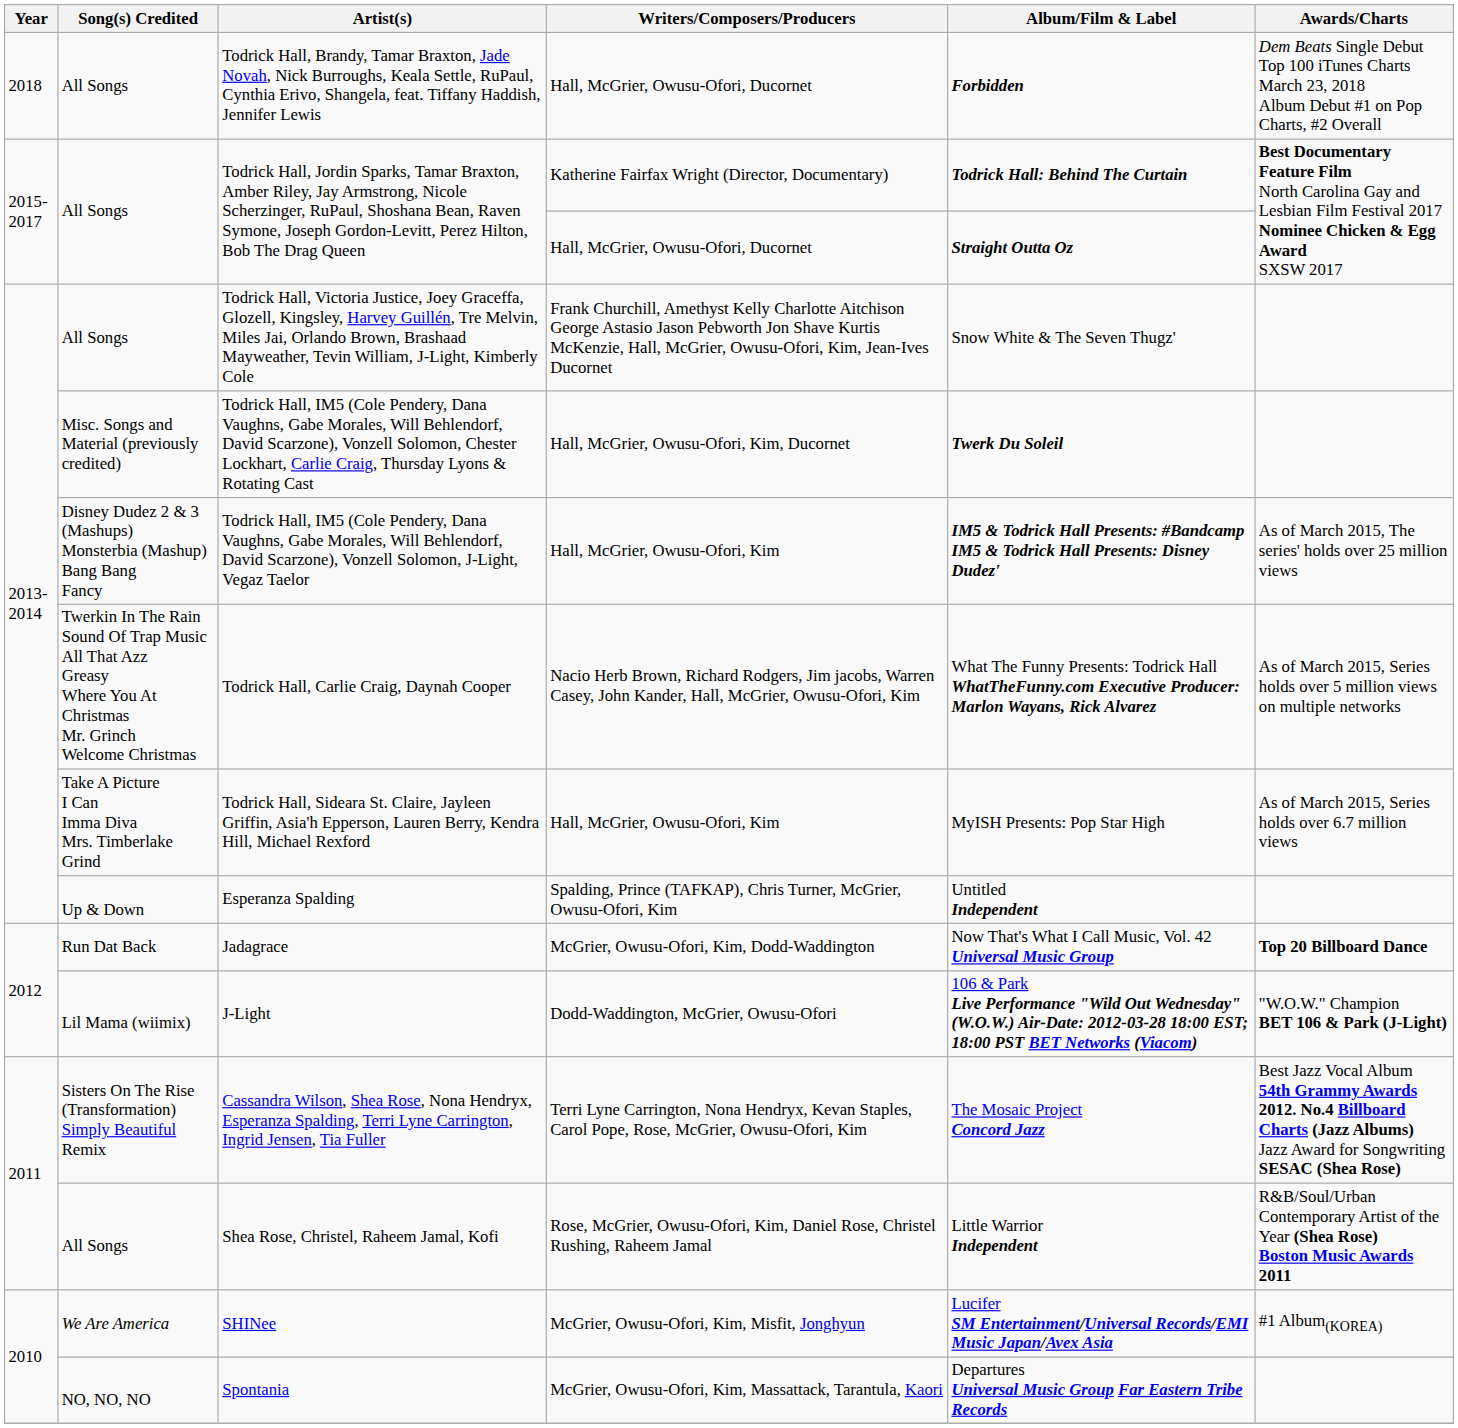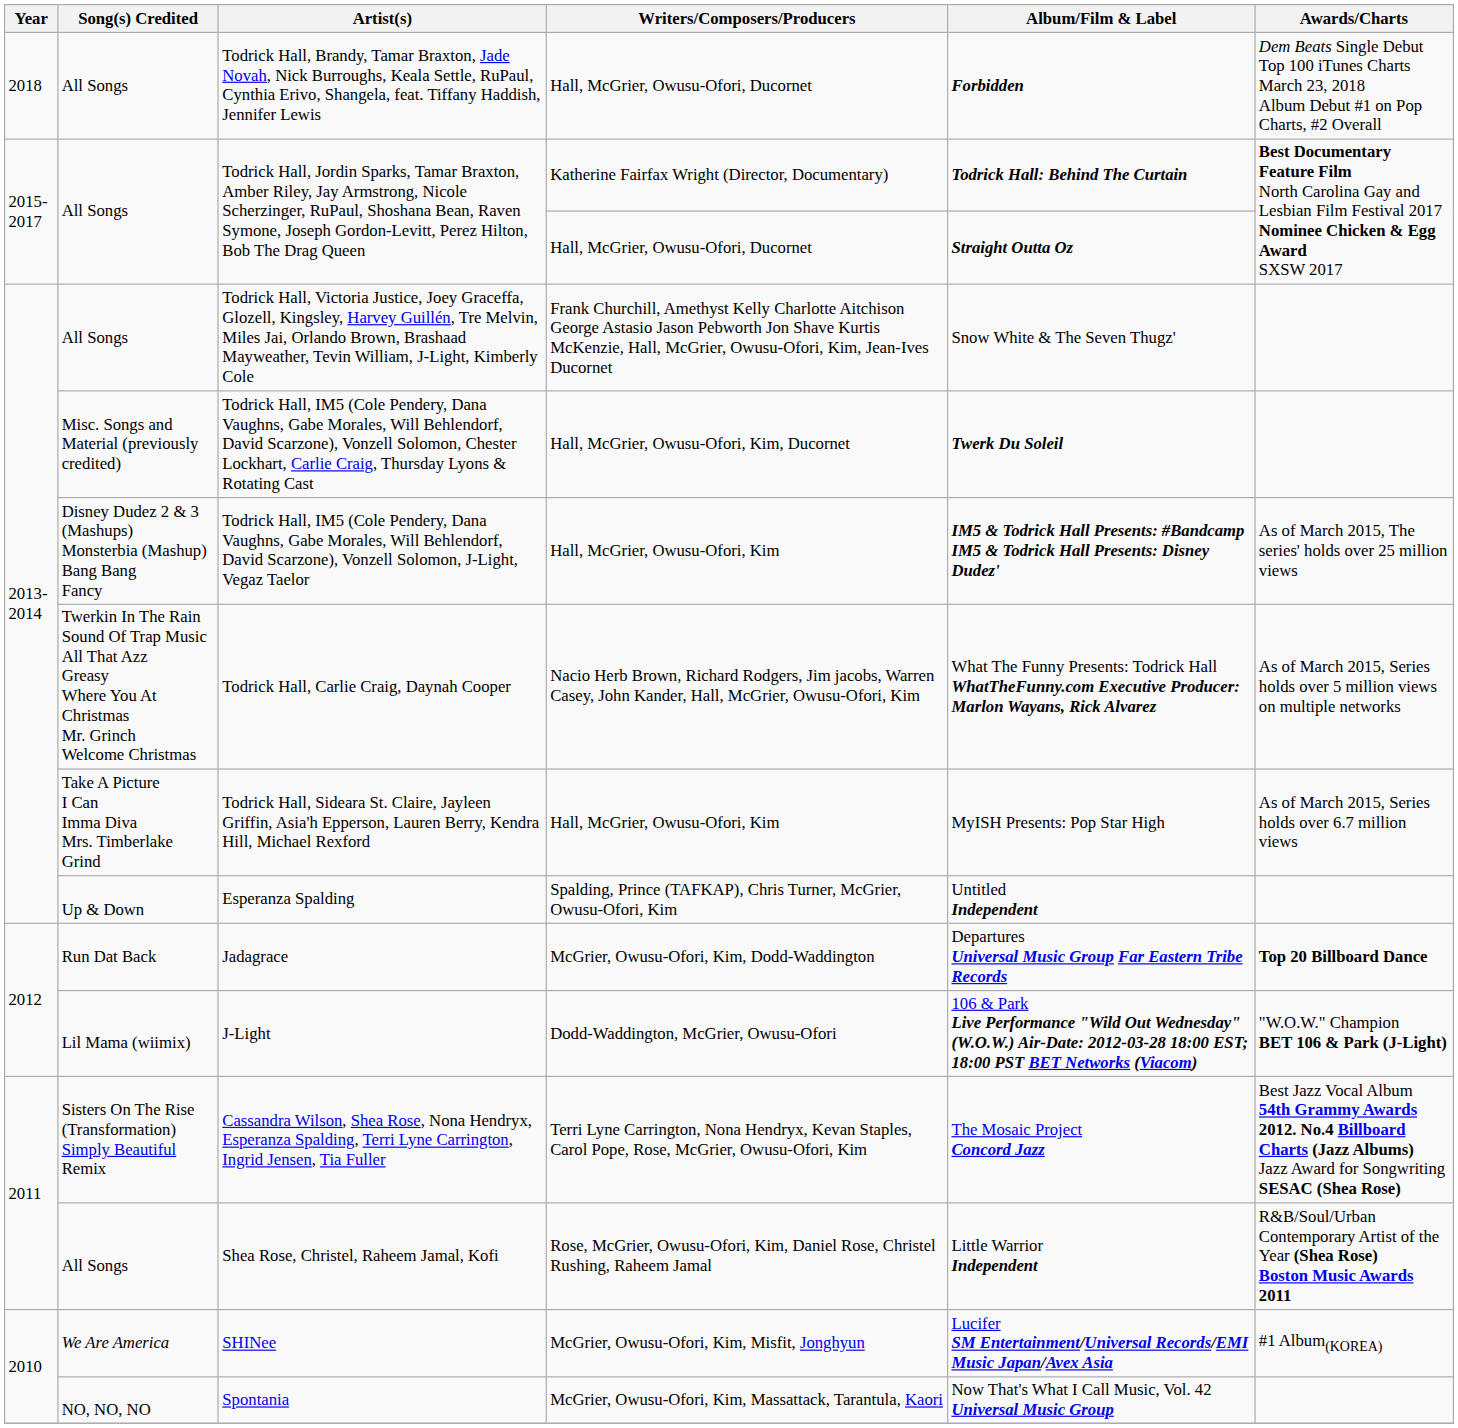 <table class="wikitable" style="font-size:90%;">
 <tr>
 <th>Year</th>
 <th>Song(s) Credited</th>
 <th>Artist(s)</th>
 <th>Writers/Composers/Producers</th>
 <th>Album/Film & Label</th>
 <th>Awards/Charts</th>
 </tr>
 <tr>
 <td>2018</td>
 <td>All Songs</td>
 <td>Todrick Hall, Brandy, Tamar Braxton, <a href='#'>Jade Novah</a>, Nick Burroughs, Keala Settle, RuPaul, Cynthia Erivo, Shangela, feat. Tiffany Haddish, Jennifer Lewis</td>
 <td>Hall, McGrier, Owusu-Ofori, Ducornet</td>
 <td><strong><em>Forbidden</em></strong></td>
 <td><em>Dem Beats</em> Single Debut Top 100 iTunes Charts March 23, 2018<br>Album Debut #1 on Pop Charts, #2 Overall</td>
 </tr>
 <tr>
 <td rowspan="2">2015-2017</td>
 <td rowspan="2">All  Songs</td>
 <td rowspan="2">Todrick Hall, Jordin Sparks, Tamar Braxton, Amber Riley, Jay Armstrong, Nicole Scherzinger, RuPaul, Shoshana Bean, Raven Symone, Joseph Gordon-Levitt, Perez Hilton, Bob The Drag Queen</td>
 <td>Katherine Fairfax Wright (Director, Documentary)</td>
 <td><strong><em>Todrick Hall: Behind The Curtain</em></strong></td>
 <td rowspan="2"><strong>Best Documentary Feature Film</strong><br>North Carolina Gay and Lesbian Film Festival 2017<br><strong>Nominee Chicken & Egg Award</strong><br>SXSW 2017</td>
 </tr>
 <tr>
 <td>Hall, McGrier, Owusu-Ofori, Ducornet</td>
 <td><strong><em>Straight Outta Oz<strong><em></td>
 </tr>
 <tr>
 <td rowspan="6">2013-2014</td>
 <td>All Songs</td>
 <td>Todrick Hall, Victoria Justice, Joey Graceffa, Glozell, Kingsley, <a href='#'>Harvey Guillén</a>, Tre Melvin, Miles Jai, Orlando Brown, Brashaad Mayweather, Tevin William, J-Light, Kimberly Cole</td>
 <td>Frank Churchill, Amethyst Kelly Charlotte Aitchison George Astasio Jason Pebworth Jon Shave Kurtis McKenzie, Hall, McGrier, Owusu-Ofori, Kim, Jean-Ives Ducornet</td>
 <td></em></strong>Snow White & The Seven Thugz'</strong></em></td>
 <td></td>
 </tr>
 <tr>
 <td>Misc. Songs and Material (previously credited)</td>
 <td>Todrick Hall, IM5 (Cole Pendery, Dana Vaughns, Gabe Morales, Will Behlendorf, David Scarzone), Vonzell Solomon, Chester Lockhart, <a href='#'>Carlie Craig</a>, Thursday Lyons & Rotating Cast</td>
 <td>Hall, McGrier, Owusu-Ofori, Kim, Ducornet</td>
 <td><strong><em>Twerk Du Soleil</em></strong><em></td>
 <td></td>
 </tr>
 <tr>
 <td>Disney Dudez 2 & 3 (Mashups)<br>Monsterbia (Mashup)<br>Bang Bang<br>Fancy</td>
 <td>Todrick Hall, IM5 (Cole Pendery, Dana Vaughns, Gabe Morales, Will Behlendorf, David Scarzone), Vonzell Solomon, J-Light, Vegaz Taelor</td>
 <td>Hall, McGrier, Owusu-Ofori, Kim</td>
 <td><strong><em>IM5 & Todrick Hall Presents: #Bandcamp</em></strong><br><strong><em>IM5 & Todrick Hall Presents: Disney Dudez'<strong></em></td>
 <td>As of March 2015, The series' holds over 25 million views</td>
 </tr>
 <tr>
 <td>Twerkin In The Rain<br>Sound Of Trap Music<br>All That Azz<br>Greasy<br>Where You At Christmas<br>Mr. Grinch<br>Welcome Christmas</td>
 <td>Todrick Hall, Carlie Craig,  Daynah Cooper</td>
 <td>Nacio Herb Brown, Richard Rodgers, Jim jacobs, Warren Casey, John Kander, Hall, McGrier, Owusu-Ofori, Kim</td>
 <td></em></strong>What The Funny Presents: Todrick Hall<strong><em><br>WhatTheFunny.com Executive Producer: Marlon Wayans, Rick Alvarez </td>
 <td>As of March 2015, Series holds over 5 million views on multiple networks</td>
 </tr>
 <tr>
 <td>Take A Picture<br>I Can<br>Imma Diva<br>Mrs. Timberlake<br>Grind</td>
 <td>Todrick Hall, Sideara St. Claire, Jayleen Griffin, Asia'h Epperson, Lauren Berry, Kendra Hill, Michael Rexford</td>
 <td>Hall, McGrier, Owusu-Ofori, Kim</td>
 <td></em></strong>MyISH Presents: Pop Star High<strong><em></td>
 <td>As of March 2015, Series holds over 6.7 million views</td>
 </tr>
 <tr>
 <td><br>Up & Down</td>
 <td>Esperanza Spalding</td>
 <td>Spalding, Prince (TAFKAP), Chris Turner, McGrier, Owusu-Ofori, Kim</td>
 <td></em></strong>Untitled<strong><em><br>Independent</td>
 <td></td>
 </tr>
 <tr>
 <td rowspan="2">2012</td>
 <td>Run Dat Back</td>
 <td>Jadagrace</td>
 <td>McGrier, Owusu-Ofori, Kim, Dodd-Waddington</td>
-<td></em></strong>Now That's What I Call Music, Vol. 42<strong><em><br><em><a href='#'>Universal Music Group</a></em></td>
+<td></em></strong>Departures<strong><em><br><a href='#'>Universal Music Group</a> <a href='#'>Far Eastern Tribe Records</a></td>
 <td><strong>Top 20 Billboard Dance</strong></td>
 </tr>
 <tr>
 <td><br>Lil Mama (wiimix)</td>
 <td>J-Light</td>
 <td>Dodd-Waddington, McGrier, Owusu-Ofori</td>
 <td></em></strong><a href='#'>106 & Park</a><strong><em><br>Live Performance "Wild Out Wednesday" (W.O.W.) Air-Date: 2012-03-28  18:00 EST; 18:00 PST  <a href='#'>BET Networks</a> (<a href='#'>Viacom</a>)</td>
 <td></strong>"W.O.W." Champion<strong><br>BET 106 & Park (J-Light)</td>
 </tr>
 <tr>
 <td rowspan="2">2011</td>
 <td>Sisters On The Rise (Transformation)<br><a href='#'>Simply Beautiful</a> Remix</td>
 <td><a href='#'>Cassandra Wilson</a>, <a href='#'>Shea Rose</a>, Nona Hendryx, <a href='#'>Esperanza Spalding</a>, <a href='#'>Terri Lyne Carrington</a>, <a href='#'>Ingrid Jensen</a>, <a href='#'>Tia Fuller</a></td>
 <td>Terri Lyne Carrington, Nona Hendryx, Kevan Staples, Carol Pope, Rose, McGrier, Owusu-Ofori, Kim</td>
 <td></em></strong><a href='#'>The Mosaic Project</a><strong><em><br><a href='#'>Concord Jazz</a></td>
 <td></strong>Best Jazz Vocal Album<strong><br><a href='#'>54th Grammy Awards</a> 2012. No.4 <a href='#'>Billboard Charts</a> (Jazz Albums)<br></strong>Jazz Award for Songwriting<strong> SESAC (Shea Rose)</td>
 </tr>
 <tr>
 <td><br>All Songs</td>
 <td>Shea Rose, Christel, Raheem Jamal, Kofi</td>
 <td>Rose, McGrier, Owusu-Ofori, Kim, Daniel Rose, Christel Rushing, Raheem Jamal</td>
 <td></em></strong>Little Warrior<strong><em><br>Independent</td>
 <td></strong>R&B/Soul/Urban Contemporary Artist of the Year<strong> (Shea Rose)<br><a href='#'>Boston Music Awards</a> 2011</td>
 </tr>
 <tr>
 <td rowspan="2">2010</td>
 <td><em>We Are America</em></td>
 <td><a href='#'>SHINee</a></td>
 <td>McGrier, Owusu-Ofori, Kim, Misfit, <a href='#'>Jonghyun</a></td>
 <td></em></strong><a href='#'>Lucifer</a><strong><em><br><a href='#'>SM Entertainment</a>/<a href='#'>Universal Records</a>/<a href='#'>EMI Music Japan</a>/<a href='#'>Avex Asia</a></td>
 <td>#1 Album<sub>(KOREA)</sub></td>
 </tr>
 <tr>
 <td><br>NO, NO, NO</td>
 <td><a href='#'>Spontania</a></td>
 <td>McGrier, Owusu-Ofori, Kim, Massattack, Tarantula, <a href='#'>Kaori</a></td>
-<td></em></strong>Departures<strong><em><br><a href='#'>Universal Music Group</a> <a href='#'>Far Eastern Tribe Records</a></td>
+<td></em></strong>Now That's What I Call Music, Vol. 42<strong><em><br><em><a href='#'>Universal Music Group</a></em></td>
 <td></td>
 </tr>
 <tr>
 </tr>
 </table>
